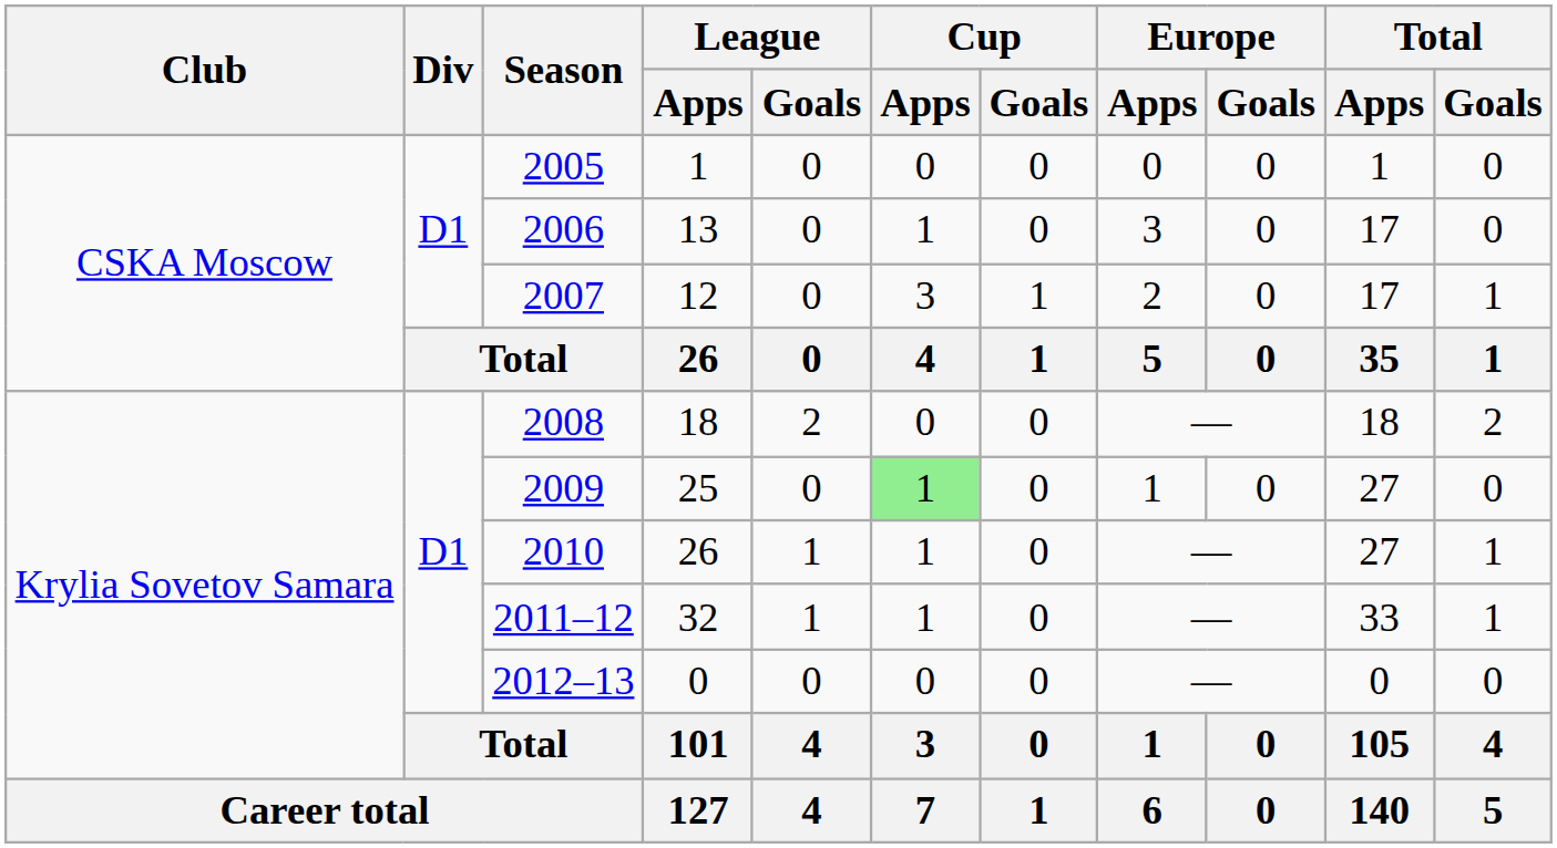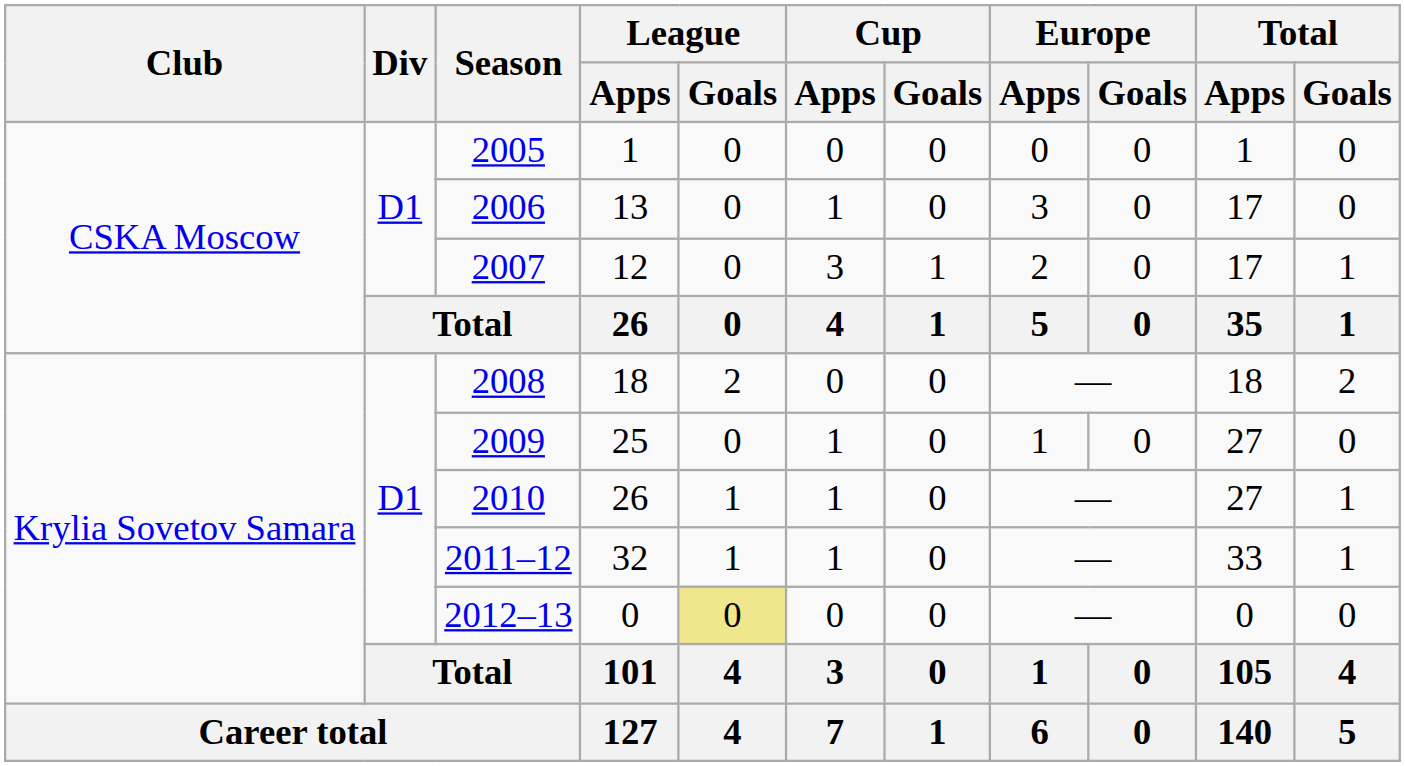 <table class="wikitable" style="text-align: center;">
 <tr>
 <th rowspan="2">Club</th>
 <th rowspan="2">Div</th>
 <th rowspan="2">Season</th>
 <th colspan="2">League</th>
 <th colspan="2">Cup</th>
 <th colspan="2">Europe</th>
 <th colspan="2">Total</th>
 </tr>
 <tr>
 <th>Apps</th>
 <th>Goals</th>
 <th>Apps</th>
 <th>Goals</th>
 <th>Apps</th>
 <th>Goals</th>
 <th>Apps</th>
 <th>Goals</th>
 </tr>
 <tr>
 <td rowspan="4" valign="center"><a href='#'>CSKA Moscow</a></td>
 <td rowspan="3"><a href='#'>D1</a></td>
 <td><a href='#'>2005</a></td>
 <td>1</td>
 <td>0</td>
 <td>0</td>
 <td>0</td>
 <td>0</td>
 <td>0</td>
 <td>1</td>
 <td>0</td>
 </tr>
 <tr>
 <td><a href='#'>2006</a></td>
 <td>13</td>
 <td>0</td>
 <td>1</td>
 <td>0</td>
 <td>3</td>
 <td>0</td>
 <td>17</td>
 <td>0</td>
 </tr>
 <tr>
 <td><a href='#'>2007</a></td>
 <td>12</td>
 <td>0</td>
 <td>3</td>
 <td>1</td>
 <td>2</td>
 <td>0</td>
 <td>17</td>
 <td>1</td>
 </tr>
 <tr>
 <th colspan="2">Total</th>
 <th>26</th>
 <th>0</th>
 <th>4</th>
 <th>1</th>
 <th>5</th>
 <th>0</th>
 <th>35</th>
 <th>1</th>
 </tr>
 <tr>
 <td rowspan="6" valign="center"><a href='#'>Krylia Sovetov Samara</a></td>
 <td rowspan="5"><a href='#'>D1</a></td>
 <td><a href='#'>2008</a></td>
 <td>18</td>
 <td>2</td>
 <td>0</td>
 <td>0</td>
 <td colspan="2">—</td>
 <td>18</td>
 <td>2</td>
 </tr>
 <tr>
 <td><a href='#'>2009</a></td>
 <td>25</td>
 <td>0</td>
-<td style="background: lightgreen;">1</td>
+<td>1</td>
 <td>0</td>
 <td>1</td>
 <td>0</td>
 <td>27</td>
 <td>0</td>
 </tr>
 <tr>
 <td><a href='#'>2010</a></td>
 <td>26</td>
 <td>1</td>
 <td>1</td>
 <td>0</td>
 <td colspan="2">—</td>
 <td>27</td>
 <td>1</td>
 </tr>
 <tr>
 <td><a href='#'>2011–12</a></td>
 <td>32</td>
 <td>1</td>
 <td>1</td>
 <td>0</td>
 <td colspan="2">—</td>
 <td>33</td>
 <td>1</td>
 </tr>
 <tr>
 <td><a href='#'>2012–13</a></td>
 <td>0</td>
-<td>0</td>
+<td style="background: khaki;">0</td>
 <td>0</td>
 <td>0</td>
 <td colspan="2">—</td>
 <td>0</td>
 <td>0</td>
 </tr>
 <tr>
 <th colspan="2">Total</th>
 <th>101</th>
 <th>4</th>
 <th>3</th>
 <th>0</th>
 <th>1</th>
 <th>0</th>
 <th>105</th>
 <th>4</th>
 </tr>
 <tr>
 <th colspan="3">Career total</th>
 <th>127</th>
 <th>4</th>
 <th>7</th>
 <th>1</th>
 <th>6</th>
 <th>0</th>
 <th>140</th>
 <th>5</th>
 </tr>
 </table>
